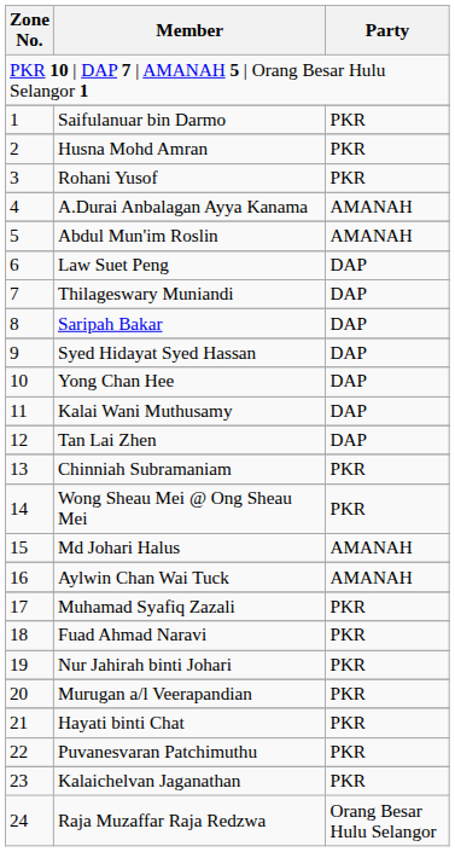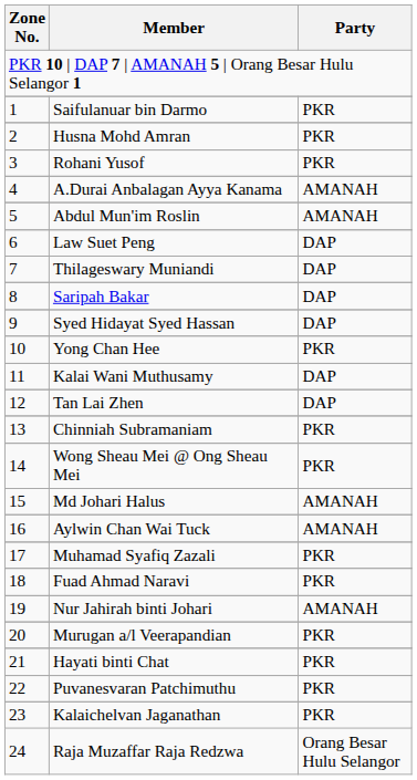 <table class="wikitable sortable">
 <tr>
 <th width="30">Zone No.</th>
 <th width="230">Member</th>
 <th width="100">Party</th>
 </tr>
 <tr>
 <td colspan = "8"><a href='#'>PKR</a> <strong>10</strong> | <a href='#'>DAP</a> <strong>7</strong> | <a href='#'>AMANAH</a> <strong>5</strong> | Orang Besar Hulu Selangor <strong>1</strong></td>
 </tr>
 <tr>
 </tr>
 <tr>
 <td>1</td>
 <td>Saifulanuar bin Darmo</td>
 <td>PKR</td>
 </tr>
 <tr>
 </tr>
 <tr>
 <td>2</td>
 <td>Husna Mohd Amran</td>
 <td>PKR</td>
 </tr>
 <tr>
 </tr>
 <tr>
 <td>3</td>
 <td>Rohani Yusof</td>
 <td>PKR</td>
 </tr>
 <tr>
 </tr>
 <tr>
 <td>4</td>
 <td>A.Durai Anbalagan Ayya Kanama</td>
 <td>AMANAH</td>
 </tr>
 <tr>
 </tr>
 <tr>
 <td>5</td>
 <td>Abdul Mun'im Roslin</td>
 <td>AMANAH</td>
 </tr>
 <tr>
 </tr>
 <tr>
 <td>6</td>
 <td>Law Suet Peng</td>
 <td>DAP</td>
 </tr>
 <tr>
 </tr>
 <tr>
 <td>7</td>
 <td>Thilageswary Muniandi</td>
 <td>DAP</td>
 </tr>
 <tr>
 </tr>
 <tr>
 <td>8</td>
 <td><a href='#'>Saripah Bakar</a></td>
 <td>DAP</td>
 </tr>
 <tr>
 </tr>
 <tr>
 <td>9</td>
 <td>Syed Hidayat Syed Hassan</td>
 <td>DAP</td>
 </tr>
 <tr>
 </tr>
 <tr>
 <td>10</td>
 <td>Yong Chan Hee</td>
-<td>DAP</td>
+<td>PKR</td>
 </tr>
 <tr>
 </tr>
 <tr>
 <td>11</td>
 <td>Kalai Wani Muthusamy</td>
 <td>DAP</td>
 </tr>
 <tr>
 </tr>
 <tr>
 <td>12</td>
 <td>Tan Lai Zhen</td>
 <td>DAP</td>
 </tr>
 <tr>
 </tr>
 <tr>
 <td>13</td>
 <td>Chinniah Subramaniam</td>
 <td>PKR</td>
 </tr>
 <tr>
 </tr>
 <tr>
 <td>14</td>
 <td>Wong Sheau Mei @ Ong Sheau Mei</td>
 <td>PKR</td>
 </tr>
 <tr>
 </tr>
 <tr>
 <td>15</td>
 <td>Md Johari Halus</td>
 <td>AMANAH</td>
 </tr>
 <tr>
 </tr>
 <tr>
 <td>16</td>
 <td>Aylwin Chan Wai Tuck</td>
 <td>AMANAH</td>
 </tr>
 <tr>
 </tr>
 <tr>
 <td>17</td>
 <td>Muhamad Syafiq Zazali</td>
 <td>PKR</td>
 </tr>
 <tr>
 </tr>
 <tr>
 <td>18</td>
 <td>Fuad Ahmad Naravi</td>
 <td>PKR</td>
 </tr>
 <tr>
 </tr>
 <tr>
 <td>19</td>
 <td>Nur Jahirah binti Johari</td>
-<td>PKR</td>
+<td>AMANAH</td>
 </tr>
 <tr>
 </tr>
 <tr>
 <td>20</td>
 <td>Murugan a/l Veerapandian</td>
 <td>PKR</td>
 </tr>
 <tr>
 </tr>
 <tr>
 <td>21</td>
 <td>Hayati binti Chat</td>
 <td>PKR</td>
 </tr>
 <tr>
 </tr>
 <tr>
 <td>22</td>
 <td>Puvanesvaran Patchimuthu</td>
 <td>PKR</td>
 </tr>
 <tr>
 </tr>
 <tr>
 <td>23</td>
 <td>Kalaichelvan Jaganathan</td>
 <td>PKR</td>
 </tr>
 <tr>
 <td>24</td>
 <td>Raja Muzaffar Raja Redzwa</td>
 <td>Orang Besar Hulu Selangor</td>
 </tr>
 </table>
